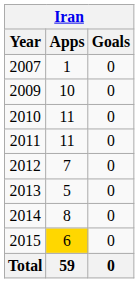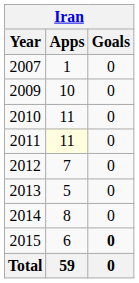 <table class="wikitable" style="text-align:center">
 <tr>
 <th colspan=3><a href='#'>Iran</a></th>
 </tr>
 <tr>
 <th>Year</th>
 <th>Apps</th>
 <th>Goals</th>
 </tr>
 <tr>
 <td>2007</td>
 <td>1</td>
 <td>0</td>
 </tr>
 <tr>
 <td>2009</td>
 <td>10</td>
 <td>0</td>
 </tr>
 <tr>
 <td>2010</td>
 <td>11</td>
 <td>0</td>
 </tr>
 <tr>
 <td>2011</td>
-<td>11</td>
+<td style="background: lightyellow;">11</td>
 <td>0</td>
 </tr>
 <tr>
 <td>2012</td>
 <td>7</td>
 <td>0</td>
 </tr>
 <tr>
 <td>2013</td>
 <td>5</td>
 <td>0</td>
 </tr>
 <tr>
 <td>2014</td>
 <td>8</td>
 <td>0</td>
 </tr>
 <tr>
 <td>2015</td>
-<td style="background: gold;">6</td>
-<td>0</td>
+<td>6</td>
+<td><strong>0</strong></td>
 </tr>
 <tr>
 <th>Total</th>
 <th>59</th>
 <th>0</th>
 </tr>
 </table>
